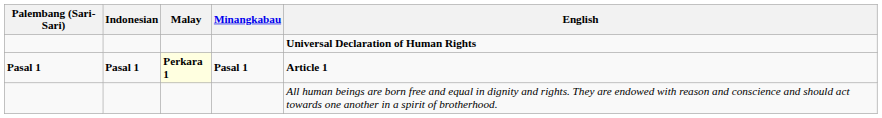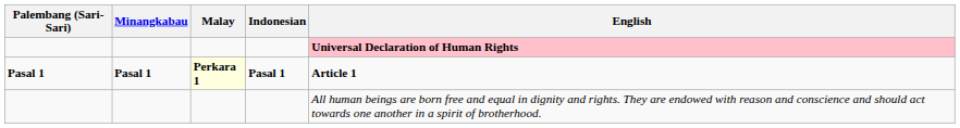 <table class="wikitable">
 <tr>
 <th>Palembang (Sari-Sari)</th>
+<th><a href='#'>Minangkabau</a></th>
+<th>Malay</th>
 <th>Indonesian</th>
-<th>Malay</th>
-<th><a href='#'>Minangkabau</a></th>
 <th>English</th>
 </tr>
 <tr>
 <td><strong></strong></td>
 <td><strong></strong></td>
 <td><strong></strong></td>
 <td><strong></strong></td>
-<td><strong>Universal Declaration of Human Rights</strong></td>
+<td style="background: pink;"><strong>Universal Declaration of Human Rights</strong></td>
 </tr>
 <tr>
 <td><strong>Pasal 1</strong></td>
 <td><strong>Pasal 1</strong></td>
 <td style="background: lightyellow;"><strong>Perkara 1</strong></td>
 <td><strong>Pasal 1</strong></td>
 <td><strong>Article 1</strong></td>
 </tr>
 <tr>
 <td></td>
 <td></td>
 <td></td>
 <td></td>
 <td><em>All human beings are born free and equal in dignity and rights. They are endowed with reason and conscience and should act towards one another in a spirit of brotherhood.</em></td>
 </tr>
 </table>
